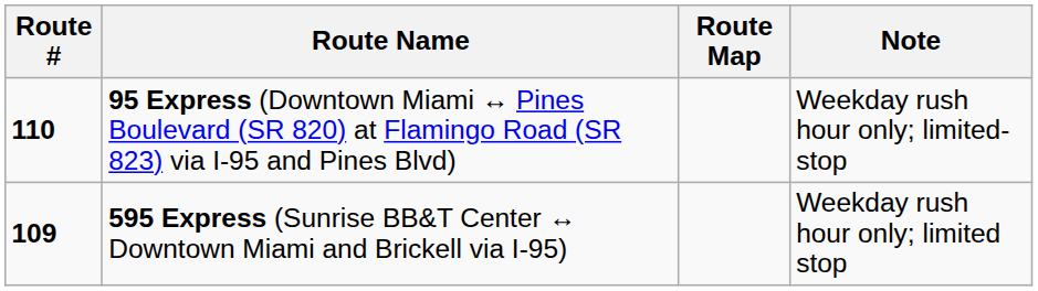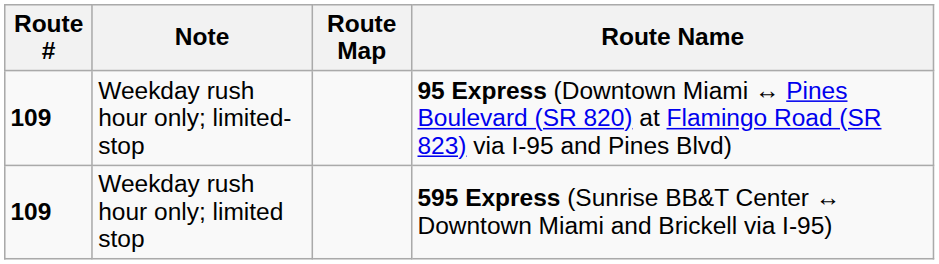 <table class="wikitable">
 <tr>
 <th>Route #</th>
+<th>Note</th>
+<th>Route Map</th>
 <th>Route Name</th>
-<th>Route Map</th>
-<th>Note</th>
-</tr>
-<tr>
-<td><strong>110</strong></td>
-<td><strong>95 Express</strong> (Downtown Miami ↔ <a href='#'>Pines Boulevard (SR 820)</a> at <a href='#'>Flamingo Road (SR 823)</a> via I-95 and Pines Blvd)</td>
-<td></td>
-<td>Weekday rush hour only; limited-stop</td>
 </tr>
 <tr>
 <td><strong>109</strong></td>
+<td>Weekday rush hour only; limited-stop</td>
+<td></td>
+<td><strong>95 Express</strong> (Downtown Miami ↔ <a href='#'>Pines Boulevard (SR 820)</a> at <a href='#'>Flamingo Road (SR 823)</a> via I-95 and Pines Blvd)</td>
+</tr>
+<tr>
+<td><strong>109</strong></td>
+<td>Weekday rush hour only; limited stop</td>
+<td></td>
 <td><strong>595 Express</strong> (Sunrise BB&T Center ↔ Downtown Miami and Brickell via I-95)</td>
-<td></td>
-<td>Weekday rush hour only; limited stop</td>
 </tr>
 </table>
